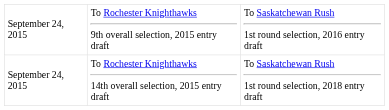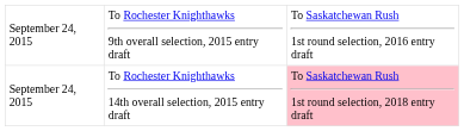 <table border=1 style="border-collapse:collapse" bordercolor="#DFDFDF"  cellpadding="5">
 <tr>
 <td>September 24, 2015</td>
 <td valign="top">To <a href='#'>Rochester Knighthawks</a><hr>9th overall selection, 2015 entry draft</td>
 <td valign="top">To <a href='#'>Saskatchewan Rush</a><hr>1st round selection, 2016 entry draft</td>
 </tr>
 <tr>
 <td>September 24, 2015</td>
 <td valign="top">To <a href='#'>Rochester Knighthawks</a><hr>14th overall selection, 2015 entry draft</td>
-<td valign="top">To <a href='#'>Saskatchewan Rush</a><hr>1st round selection, 2018 entry draft</td>
+<td valign="top" style="background: pink;">To <a href='#'>Saskatchewan Rush</a><hr>1st round selection, 2018 entry draft</td>
 </tr>
 </table>
